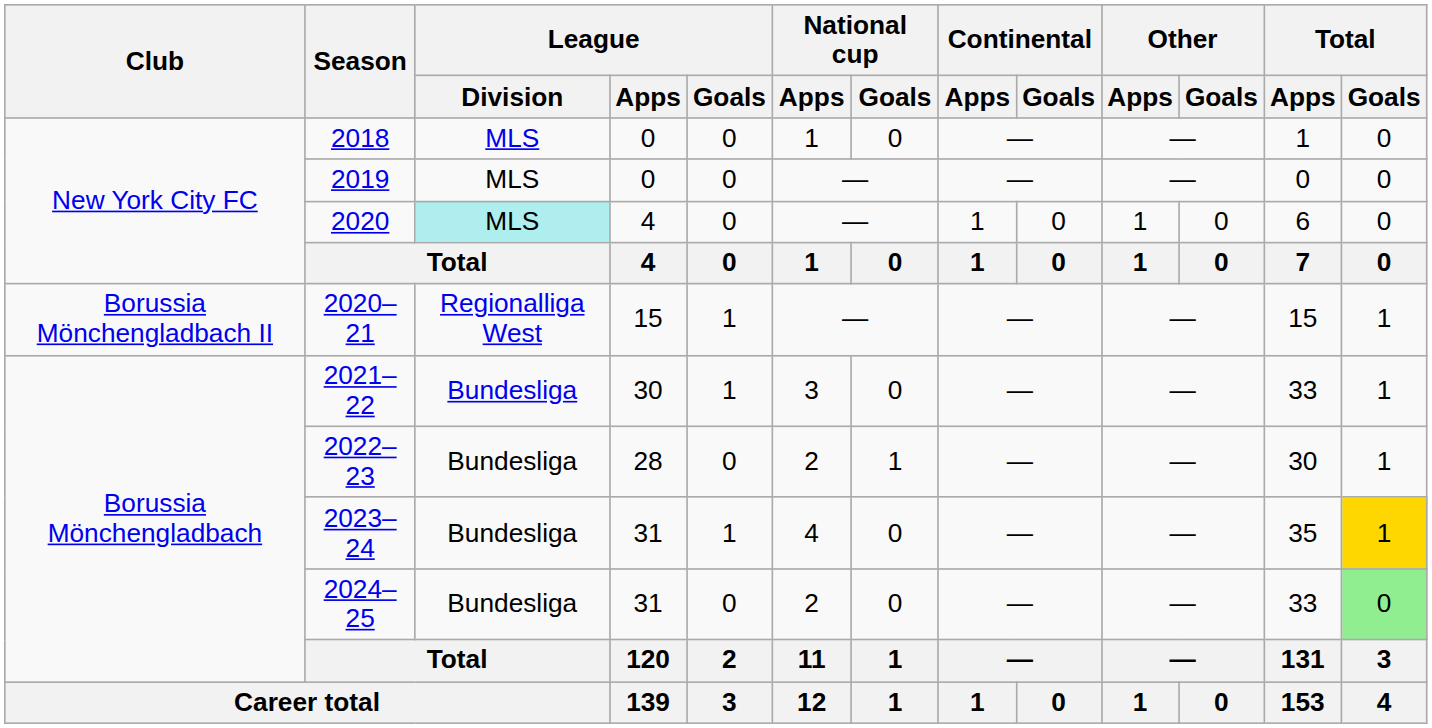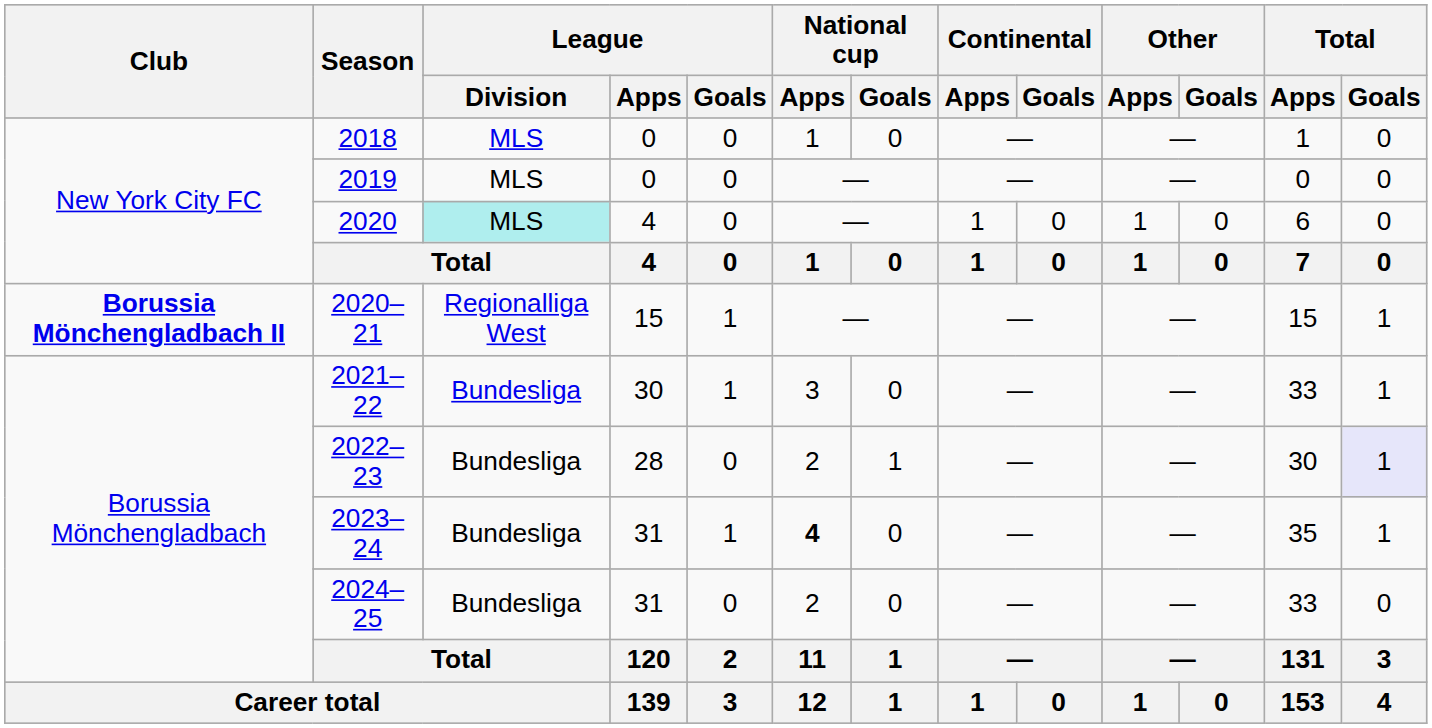 <table class="wikitable" style="text-align:center">
 <tr>
 <th rowspan="2">Club</th>
 <th rowspan="2">Season</th>
 <th colspan="3">League</th>
 <th colspan="2">National cup</th>
 <th colspan="2">Continental</th>
 <th colspan="2">Other</th>
 <th colspan="2">Total</th>
 </tr>
 <tr>
 <th>Division</th>
 <th>Apps</th>
 <th>Goals</th>
 <th>Apps</th>
 <th>Goals</th>
 <th>Apps</th>
 <th>Goals</th>
 <th>Apps</th>
 <th>Goals</th>
 <th>Apps</th>
 <th>Goals</th>
 </tr>
 <tr>
 <td rowspan="4"><a href='#'>New York City FC</a></td>
 <td><a href='#'>2018</a></td>
 <td><a href='#'>MLS</a></td>
 <td>0</td>
 <td>0</td>
 <td>1</td>
 <td>0</td>
 <td colspan="2">—</td>
 <td colspan="2">—</td>
 <td>1</td>
 <td>0</td>
 </tr>
 <tr>
 <td><a href='#'>2019</a></td>
 <td>MLS</td>
 <td>0</td>
 <td>0</td>
 <td colspan="2">—</td>
 <td colspan="2">—</td>
 <td colspan="2">—</td>
 <td>0</td>
 <td>0</td>
 </tr>
 <tr>
 <td><a href='#'>2020</a></td>
 <td style="background: paleturquoise;">MLS</td>
 <td>4</td>
 <td>0</td>
 <td colspan="2">—</td>
 <td>1</td>
 <td>0</td>
 <td>1</td>
 <td>0</td>
 <td>6</td>
 <td>0</td>
 </tr>
 <tr>
 <th colspan="2">Total</th>
 <th>4</th>
 <th>0</th>
 <th>1</th>
 <th>0</th>
 <th>1</th>
 <th>0</th>
 <th>1</th>
 <th>0</th>
 <th>7</th>
 <th>0</th>
 </tr>
 <tr>
-<td><a href='#'>Borussia Mönchengladbach II</a></td>
+<td><strong><a href='#'>Borussia Mönchengladbach II</a></strong></td>
 <td><a href='#'>2020–21</a></td>
 <td><a href='#'>Regionalliga West</a></td>
 <td>15</td>
 <td>1</td>
 <td colspan="2">—</td>
 <td colspan="2">—</td>
 <td colspan="2">—</td>
 <td>15</td>
 <td>1</td>
 </tr>
 <tr>
 <td rowspan="5"><a href='#'>Borussia Mönchengladbach</a></td>
 <td><a href='#'>2021–22</a></td>
 <td><a href='#'>Bundesliga</a></td>
 <td>30</td>
 <td>1</td>
 <td>3</td>
 <td>0</td>
 <td colspan="2">—</td>
 <td colspan="2">—</td>
 <td>33</td>
 <td>1</td>
 </tr>
 <tr>
 <td><a href='#'>2022–23</a></td>
 <td>Bundesliga</td>
 <td>28</td>
 <td>0</td>
 <td>2</td>
 <td>1</td>
 <td colspan="2">—</td>
 <td colspan="2">—</td>
 <td>30</td>
-<td>1</td>
+<td style="background: lavender;">1</td>
 </tr>
 <tr>
 <td><a href='#'>2023–24</a></td>
 <td>Bundesliga</td>
 <td>31</td>
 <td>1</td>
-<td>4</td>
+<td><strong>4</strong></td>
 <td>0</td>
 <td colspan="2">—</td>
 <td colspan="2">—</td>
 <td>35</td>
-<td style="background: gold;">1</td>
+<td>1</td>
 </tr>
 <tr>
 <td><a href='#'>2024–25</a></td>
 <td>Bundesliga</td>
 <td>31</td>
 <td>0</td>
 <td>2</td>
 <td>0</td>
 <td colspan="2">—</td>
 <td colspan="2">—</td>
 <td>33</td>
-<td style="background: lightgreen;">0</td>
+<td>0</td>
 </tr>
 <tr>
 <th colspan="2">Total</th>
 <th>120</th>
 <th>2</th>
 <th>11</th>
 <th>1</th>
 <th colspan="2">—</th>
 <th colspan="2">—</th>
 <th>131</th>
 <th>3</th>
 </tr>
 <tr>
 <th colspan="3">Career total</th>
 <th>139</th>
 <th>3</th>
 <th>12</th>
 <th>1</th>
 <th>1</th>
 <th>0</th>
 <th>1</th>
 <th>0</th>
 <th>153</th>
 <th>4</th>
 </tr>
 </table>
